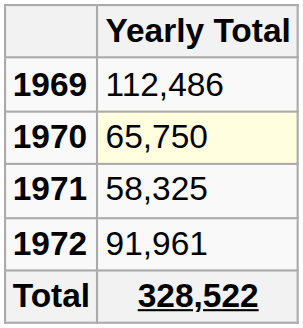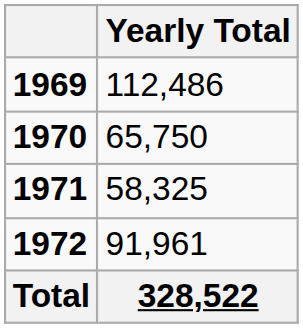 <table class="wikitable">
 <tr>
 <th></th>
 <th>Yearly Total</th>
 </tr>
 <tr>
 <td><strong>1969</strong></td>
 <td>112,486</td>
 </tr>
 <tr>
 <td><strong>1970</strong></td>
-<td style="background: lightyellow;">65,750</td>
+<td>65,750</td>
 </tr>
 <tr>
 <td><strong>1971</strong></td>
 <td>58,325</td>
 </tr>
 <tr>
 <td><strong>1972</strong></td>
 <td>91,961</td>
 </tr>
 <tr>
 <th><strong>Total</strong></th>
 <th><strong><u>328,522</u></strong></th>
 </tr>
 </table>
